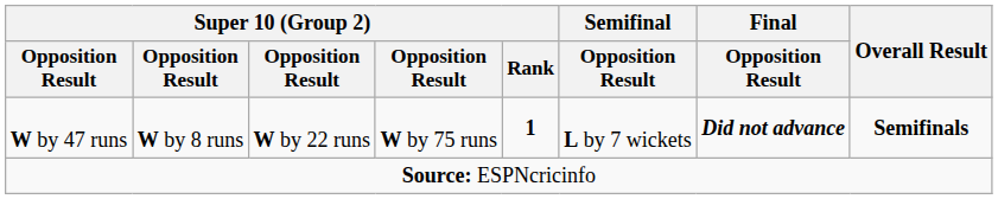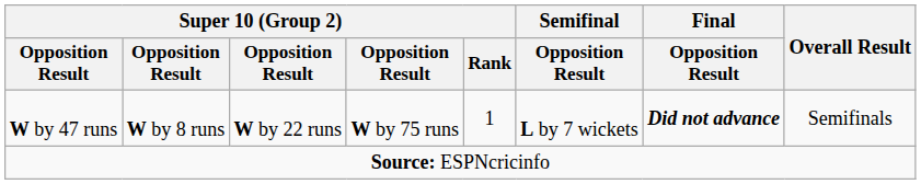 <table class=wikitable style=font-size:90%;text-align:center>
 <tr>
 <th colspan=5>Super 10 (Group 2)</th>
 <th>Semifinal</th>
 <th>Final</th>
 <th rowspan=2>Overall Result</th>
 </tr>
 <tr style=font-size:95%>
 <th>Opposition<br>Result</th>
 <th>Opposition<br>Result</th>
 <th>Opposition<br>Result</th>
 <th>Opposition<br>Result</th>
 <th>Rank</th>
 <th>Opposition<br>Result</th>
 <th>Opposition<br>Result</th>
 </tr>
 <tr>
 <td><br><strong>W</strong> by 47 runs</td>
 <td><br><strong>W</strong> by 8 runs</td>
 <td><br><strong>W</strong> by 22 runs</td>
 <td><br><strong>W</strong> by 75 runs</td>
-<td><strong>1</strong></td>
+<td>1</td>
 <td><br><strong>L</strong> by 7 wickets</td>
 <td><strong><em>Did not advance</em></strong></td>
-<td><strong>Semifinals</strong></td>
+<td>Semifinals</td>
 </tr>
 <tr>
 <td colspan="11"><strong>Source:</strong> ESPNcricinfo</td>
 </tr>
 </table>
